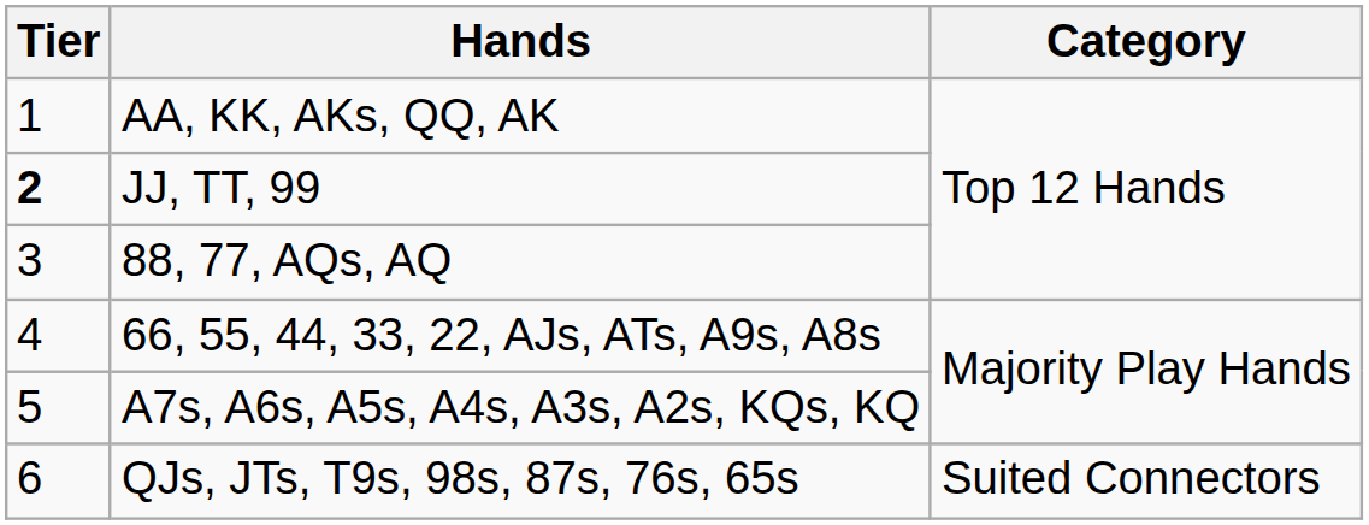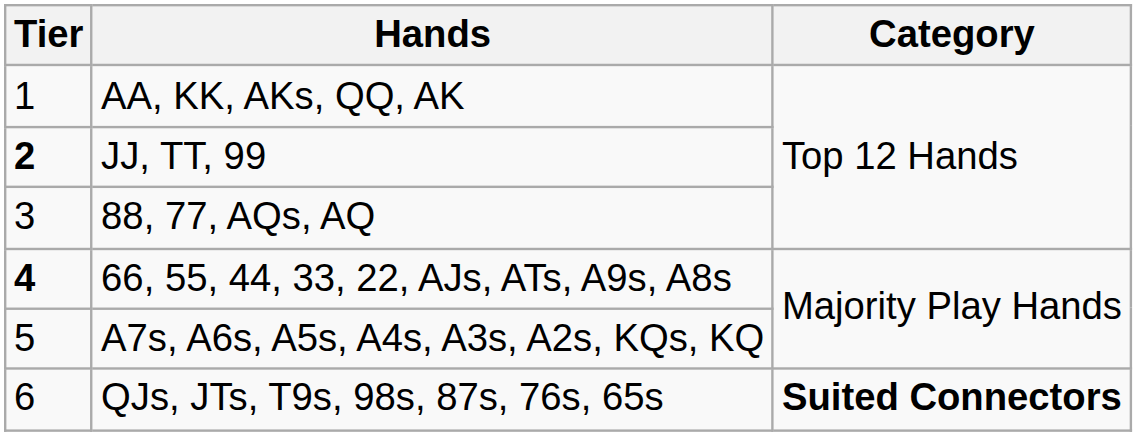 <table class="wikitable">
 <tr>
 <th>Tier</th>
 <th>Hands</th>
 <th>Category</th>
 </tr>
 <tr>
 <td>1</td>
 <td>AA, KK, AKs, QQ, AK</td>
 <td rowspan="3">Top 12 Hands</td>
 </tr>
 <tr>
 <td><strong>2</strong></td>
 <td>JJ, TT, 99</td>
 </tr>
 <tr>
 <td>3</td>
 <td>88, 77, AQs, AQ</td>
 </tr>
 <tr>
-<td>4</td>
+<td><strong>4</strong></td>
 <td>66, 55, 44, 33, 22, AJs, ATs, A9s, A8s</td>
 <td rowspan="2">Majority Play Hands</td>
 </tr>
 <tr>
 <td>5</td>
 <td>A7s, A6s, A5s, A4s, A3s, A2s, KQs, KQ</td>
 </tr>
 <tr>
 <td>6</td>
 <td>QJs, JTs, T9s, 98s, 87s, 76s, 65s</td>
-<td>Suited Connectors</td>
+<td><strong>Suited Connectors</strong></td>
 </tr>
 </table>
